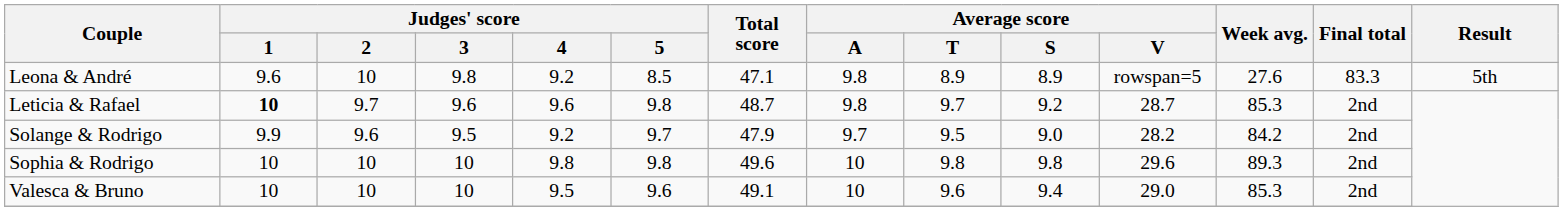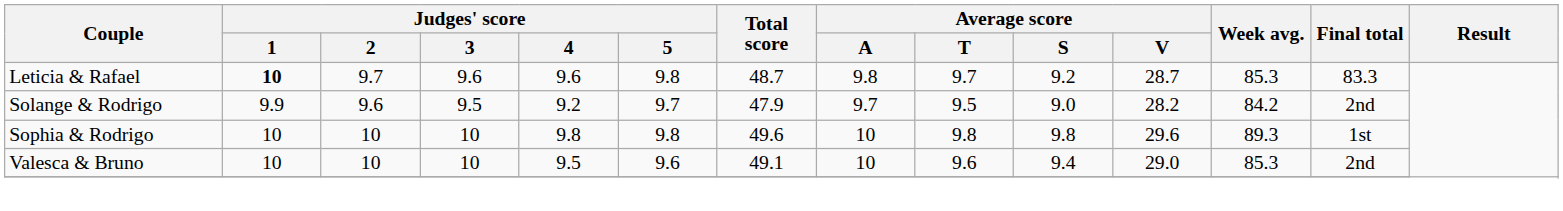 <table class="wikitable" style="font-size:100%; line-height:16px; text-align:center" width="100%">
 <tr>
 <th rowspan=2 style="width:11.0%;">Couple</th>
 <th colspan=5 style="width:25.0%;">Judges' score</th>
 <th rowspan=2 style="width:05.0%;">Total score</th>
 <th colspan=4 style="width:20.0%;">Average score</th>
 <th rowspan=2 style="width:05.0%;">Week avg.</th>
 <th rowspan=2 style="width:05.0%;">Final total</th>
 <th rowspan=2 style="width:07.5%;">Result</th>
 </tr>
 <tr>
 <th style="width:05.0%;">1</th>
 <th style="width:05.0%;">2</th>
 <th style="width:05.0%;">3</th>
 <th style="width:05.0%;">4</th>
 <th style="width:05.0%;">5</th>
 <th style="width:05.0%;">A</th>
 <th style="width:05.0%;">T</th>
 <th style="width:05.0%;">S</th>
 <th style="width:05.0%;">V</th>
 </tr>
 <tr>
-<td align="left">Leona & André</td>
-<td>9.6</td>
-<td>10</td>
-<td>9.8</td>
-<td>9.2</td>
-<td>8.5</td>
-<td>47.1</td>
-<td>9.8</td>
-<td>8.9</td>
-<td>8.9</td>
-<td>rowspan=5 </td>
-<td>27.6</td>
-<td>83.3</td>
-<td>5th</td>
-</tr>
-<tr>
 <td align="left">Leticia & Rafael</td>
 <td><strong>10</strong></td>
 <td>9.7</td>
 <td>9.6</td>
 <td>9.6</td>
 <td>9.8</td>
 <td>48.7</td>
 <td>9.8</td>
 <td>9.7</td>
 <td>9.2</td>
 <td>28.7</td>
 <td>85.3</td>
-<td>2nd</td>
+<td>83.3</td>
 </tr>
 <tr>
 <td align="left">Solange & Rodrigo</td>
 <td>9.9</td>
 <td>9.6</td>
 <td>9.5</td>
 <td>9.2</td>
 <td>9.7</td>
 <td>47.9</td>
 <td>9.7</td>
 <td>9.5</td>
 <td>9.0</td>
 <td>28.2</td>
 <td>84.2</td>
 <td>2nd</td>
 </tr>
 <tr>
 <td align="left">Sophia & Rodrigo</td>
 <td>10</td>
 <td>10</td>
 <td>10</td>
 <td>9.8</td>
 <td>9.8</td>
 <td>49.6</td>
 <td>10</td>
 <td>9.8</td>
 <td>9.8</td>
 <td>29.6</td>
 <td>89.3</td>
-<td>2nd</td>
+<td>1st</td>
 </tr>
 <tr>
 <td align="left">Valesca & Bruno</td>
 <td>10</td>
 <td>10</td>
 <td>10</td>
 <td>9.5</td>
 <td>9.6</td>
 <td>49.1</td>
 <td>10</td>
 <td>9.6</td>
 <td>9.4</td>
 <td>29.0</td>
 <td>85.3</td>
 <td>2nd</td>
 </tr>
 <tr>
 </tr>
 </table>
